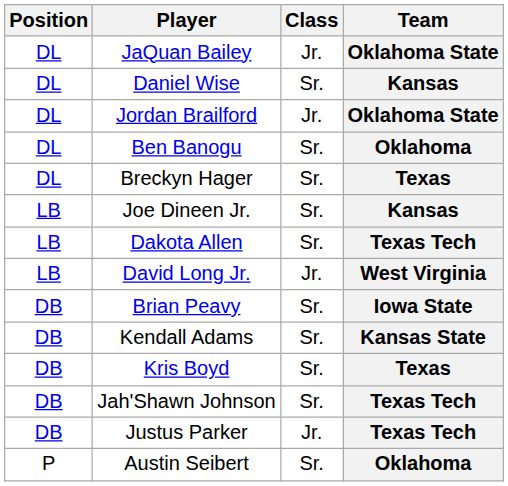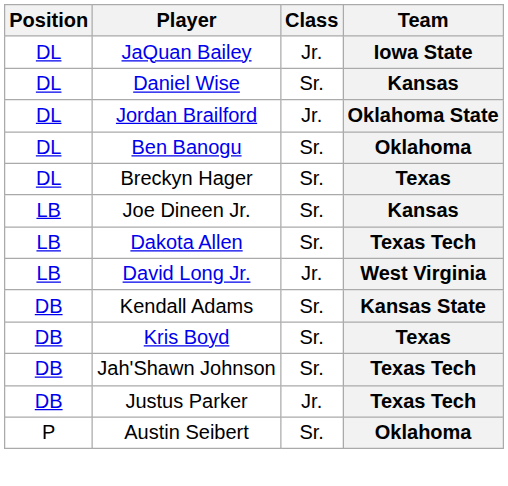 <table class="wikitable sortable" border="1">
 <tr>
 <th>Position</th>
 <th>Player</th>
 <th>Class</th>
 <th>Team</th>
 </tr>
 <tr>
 <td style="text-align:center; background:white"><a href='#'>DL</a></td>
 <td style="text-align:center; background:white"><a href='#'>JaQuan Bailey</a></td>
 <td style="text-align:center; background:white">Jr.</td>
-<th>Oklahoma State</th>
+<th>Iowa State</th>
 </tr>
 <tr>
 <td style="text-align:center; background:white"><a href='#'>DL</a></td>
 <td style="text-align:center; background:white"><a href='#'>Daniel Wise</a></td>
 <td style="text-align:center; background:white">Sr.</td>
 <th>Kansas</th>
 </tr>
 <tr>
 <td style="text-align:center; background:white"><a href='#'>DL</a></td>
 <td style="text-align:center; background:white"><a href='#'>Jordan Brailford</a></td>
 <td style="text-align:center; background:white">Jr.</td>
 <th>Oklahoma State</th>
 </tr>
 <tr>
 <td style="text-align:center; background:white"><a href='#'>DL</a></td>
 <td style="text-align:center; background:white"><a href='#'>Ben Banogu</a></td>
 <td style="text-align:center; background:white">Sr.</td>
 <th>Oklahoma</th>
 </tr>
 <tr>
 <td style="text-align:center; background:white"><a href='#'>DL</a></td>
 <td style="text-align:center; background:white">Breckyn Hager</td>
 <td style="text-align:center; background:white">Sr.</td>
 <th>Texas</th>
 </tr>
 <tr>
 <td style="text-align:center; background:white"><a href='#'>LB</a></td>
 <td style="text-align:center; background:white">Joe Dineen Jr.</td>
 <td style="text-align:center; background:white">Sr.</td>
 <th>Kansas</th>
 </tr>
 <tr>
 <td style="text-align:center; background:white"><a href='#'>LB</a></td>
 <td style="text-align:center; background:white"><a href='#'>Dakota Allen</a></td>
 <td style="text-align:center; background:white">Sr.</td>
 <th>Texas Tech</th>
 </tr>
 <tr>
 <td style="text-align:center; background:white"><a href='#'>LB</a></td>
 <td style="text-align:center; background:white"><a href='#'>David Long Jr.</a></td>
 <td style="text-align:center; background:white">Jr.</td>
 <th>West Virginia</th>
 </tr>
 <tr>
 <td style="text-align:center; background:white"><a href='#'>DB</a></td>
-<td style="text-align:center; background:white"><a href='#'>Brian Peavy</a></td>
-<td style="text-align:center; background:white">Sr.</td>
-<th>Iowa State</th>
-</tr>
-<tr>
-<td style="text-align:center; background:white"><a href='#'>DB</a></td>
 <td style="text-align:center; background:white">Kendall Adams</td>
 <td style="text-align:center; background:white">Sr.</td>
 <th>Kansas State</th>
 </tr>
 <tr>
 <td style="text-align:center; background:white"><a href='#'>DB</a></td>
 <td style="text-align:center; background:white"><a href='#'>Kris Boyd</a></td>
 <td style="text-align:center; background:white">Sr.</td>
 <th>Texas</th>
 </tr>
 <tr>
 <td style="text-align:center; background:white"><a href='#'>DB</a></td>
 <td style="text-align:center; background:white">Jah'Shawn Johnson</td>
 <td style="text-align:center; background:white">Sr.</td>
 <th>Texas Tech</th>
 </tr>
 <tr>
 <td style="text-align:center; background:white"><a href='#'>DB</a></td>
 <td style="text-align:center; background:white">Justus Parker</td>
 <td style="text-align:center; background:white">Jr.</td>
 <th>Texas Tech</th>
 </tr>
 <tr>
 <td style="text-align:center; background:white">P</td>
 <td style="text-align:center; background:white">Austin Seibert</td>
 <td style="text-align:center; background:white">Sr.</td>
 <th>Oklahoma</th>
 </tr>
 </table>
